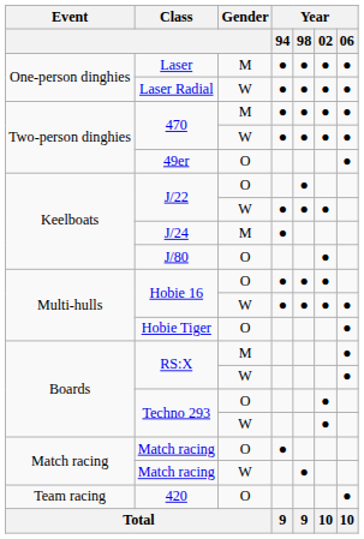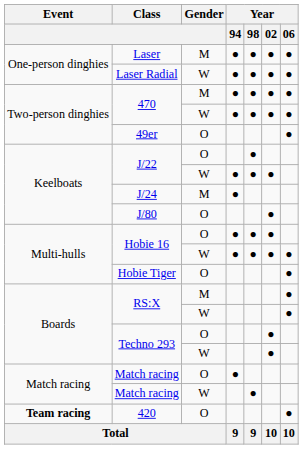 <table class=wikitable style="font-size:85%; text-align:center">
 <tr>
 <th>Event</th>
 <th>Class</th>
 <th>Gender</th>
 <th colspan=50>Year</th>
 </tr>
 <tr>
 <th colspan=3></th>
 <th>94</th>
 <th>98</th>
 <th>02</th>
 <th>06</th>
 </tr>
 <tr>
 <td rowspan=2>One-person dinghies</td>
 <td><a href='#'>Laser</a></td>
 <td>M</td>
 <td>●</td>
 <td>●</td>
 <td>●</td>
 <td>●</td>
 </tr>
 <tr>
 <td><a href='#'>Laser Radial</a></td>
 <td>W</td>
 <td>●</td>
 <td>●</td>
 <td>●</td>
 <td>●</td>
 </tr>
 <tr>
 <td rowspan=3>Two-person dinghies</td>
 <td rowspan=2><a href='#'>470</a></td>
 <td>M</td>
 <td>●</td>
 <td>●</td>
 <td>●</td>
 <td>●</td>
 </tr>
 <tr>
 <td>W</td>
 <td>●</td>
 <td>●</td>
 <td>●</td>
 <td>●</td>
 </tr>
 <tr>
 <td><a href='#'>49er</a></td>
 <td>O</td>
 <td></td>
 <td></td>
 <td></td>
 <td>●</td>
 </tr>
 <tr>
 <td rowspan=4>Keelboats</td>
 <td rowspan=2><a href='#'>J/22</a></td>
 <td>O</td>
 <td></td>
 <td>●</td>
 <td></td>
 <td></td>
 </tr>
 <tr>
 <td>W</td>
 <td>●</td>
 <td>●</td>
 <td>●</td>
 <td></td>
 </tr>
 <tr>
 <td><a href='#'>J/24</a></td>
 <td>M</td>
 <td>●</td>
 <td></td>
 <td></td>
 <td></td>
 </tr>
 <tr>
 <td><a href='#'>J/80</a></td>
 <td>O</td>
 <td></td>
 <td></td>
 <td>●</td>
 <td></td>
 </tr>
 <tr>
 <td rowspan=3>Multi-hulls</td>
 <td rowspan=2><a href='#'>Hobie 16</a></td>
 <td>O</td>
 <td>●</td>
 <td>●</td>
 <td>●</td>
 <td></td>
 </tr>
 <tr>
 <td>W</td>
 <td>●</td>
 <td>●</td>
 <td>●</td>
 <td>●</td>
 </tr>
 <tr>
 <td><a href='#'>Hobie Tiger</a></td>
 <td>O</td>
 <td></td>
 <td></td>
 <td></td>
 <td>●</td>
 </tr>
 <tr>
 <td rowspan=4>Boards</td>
 <td rowspan=2><a href='#'>RS:X</a></td>
 <td>M</td>
 <td></td>
 <td></td>
 <td></td>
 <td>●</td>
 </tr>
 <tr>
 <td>W</td>
 <td></td>
 <td></td>
 <td></td>
 <td>●</td>
 </tr>
 <tr>
 <td rowspan=2><a href='#'>Techno 293</a></td>
 <td>O</td>
 <td></td>
 <td></td>
 <td>●</td>
 <td></td>
 </tr>
 <tr>
 <td>W</td>
 <td></td>
 <td></td>
 <td>●</td>
 <td></td>
 </tr>
 <tr>
 <td rowspan=2>Match racing</td>
 <td><a href='#'>Match racing</a></td>
 <td>O</td>
 <td>●</td>
 <td></td>
 <td></td>
 <td></td>
 </tr>
 <tr>
 <td><a href='#'>Match racing</a></td>
 <td>W</td>
 <td></td>
 <td>●</td>
 <td></td>
 <td></td>
 </tr>
 <tr>
-<td>Team racing</td>
+<td><strong>Team racing</strong></td>
 <td><a href='#'>420</a></td>
 <td>O</td>
 <td></td>
 <td></td>
 <td></td>
 <td>●</td>
 </tr>
 <tr>
 <th colspan=3>Total</th>
 <th>9</th>
 <th>9</th>
 <th>10</th>
 <th>10</th>
 </tr>
 </table>
